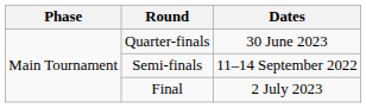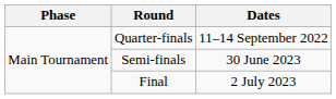 <table class="wikitable" style="text-align:center">
 <tr>
 <th>Phase</th>
 <th>Round</th>
 <th>Dates</th>
 </tr>
 <tr>
 <td rowspan=3>Main Tournament</td>
 <td>Quarter-finals</td>
-<td>30 June 2023</td>
+<td>11–14 September 2022</td>
 </tr>
 <tr>
 <td>Semi-finals</td>
-<td>11–14 September 2022</td>
+<td>30 June 2023</td>
 </tr>
 <tr>
 <td>Final</td>
 <td>2 July 2023</td>
 </tr>
 </table>
